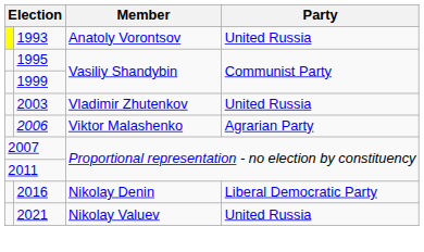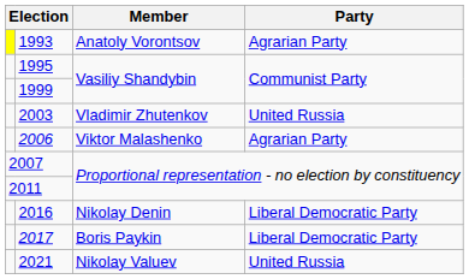 <table class="wikitable">
 <tr>
 <th colspan="2">Election</th>
 <th>Member</th>
 <th>Party</th>
 </tr>
 <tr>
 <td style="background-color:yellow"></td>
 <td><a href='#'>1993</a></td>
 <td><a href='#'>Anatoly Vorontsov</a></td>
-<td><a href='#'>United Russia</a></td>
+<td><a href='#'>Agrarian Party</a></td>
 </tr>
 <tr>
 <td style="background-color:"></td>
 <td><a href='#'>1995</a></td>
 <td rowspan=2><a href='#'>Vasiliy Shandybin</a></td>
 <td rowspan=2><a href='#'>Communist Party</a></td>
 </tr>
 <tr>
 <td style="background-color:"></td>
 <td><a href='#'>1999</a></td>
 </tr>
 <tr>
 <td style="background-color: "></td>
 <td><a href='#'>2003</a></td>
 <td><a href='#'>Vladimir Zhutenkov</a></td>
 <td><a href='#'>United Russia</a></td>
 </tr>
 <tr>
 <td style="background-color: "></td>
 <td><em><a href='#'>2006</a></em></td>
 <td><a href='#'>Viktor Malashenko</a></td>
 <td><a href='#'>Agrarian Party</a></td>
 </tr>
 <tr>
 <td colspan=2><a href='#'>2007</a></td>
 <td colspan=2 rowspan=2><em><a href='#'>Proportional representation</a> - no election by constituency</em></td>
 </tr>
 <tr>
 <td colspan=2><a href='#'>2011</a></td>
 </tr>
 <tr>
 <td style="background-color: "></td>
 <td><a href='#'>2016</a></td>
 <td><a href='#'>Nikolay Denin</a></td>
 <td><a href='#'>Liberal Democratic Party</a></td>
 </tr>
 <tr>
 <td style="background-color: "></td>
+<td><em><a href='#'>2017</a></em></td>
+<td><a href='#'>Boris Paykin</a></td>
+<td><a href='#'>Liberal Democratic Party</a></td>
+</tr>
+<tr>
+<td style="background-color: "></td>
 <td><a href='#'>2021</a></td>
 <td><a href='#'>Nikolay Valuev</a></td>
 <td><a href='#'>United Russia</a></td>
 </tr>
 </table>
